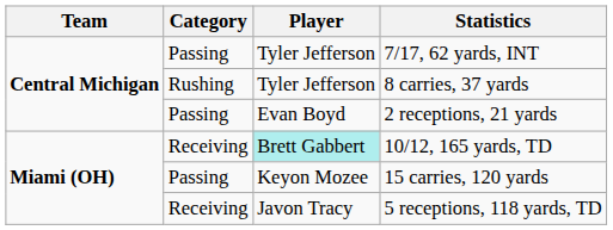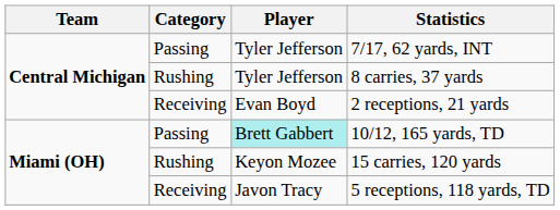 <table class="wikitable" style="float: right;">
 <tr>
 <th>Team</th>
 <th>Category</th>
 <th>Player</th>
 <th>Statistics</th>
 </tr>
 <tr>
 <td rowspan=3><strong>Central Michigan</strong></td>
 <td>Passing</td>
 <td>Tyler Jefferson</td>
 <td>7/17, 62 yards, INT</td>
 </tr>
 <tr>
 <td>Rushing</td>
 <td>Tyler Jefferson</td>
 <td>8 carries, 37 yards</td>
 </tr>
 <tr>
-<td>Passing</td>
+<td>Receiving</td>
 <td>Evan Boyd</td>
 <td>2 receptions, 21 yards</td>
 </tr>
 <tr>
 <td rowspan=3><strong>Miami (OH)</strong></td>
-<td>Receiving</td>
+<td>Passing</td>
 <td style="background: paleturquoise;">Brett Gabbert</td>
 <td>10/12, 165 yards, TD</td>
 </tr>
 <tr>
-<td>Passing</td>
+<td>Rushing</td>
 <td>Keyon Mozee</td>
 <td>15 carries, 120 yards</td>
 </tr>
 <tr>
 <td>Receiving</td>
 <td>Javon Tracy</td>
 <td>5 receptions, 118 yards, TD</td>
 </tr>
 </table>
